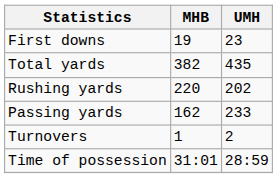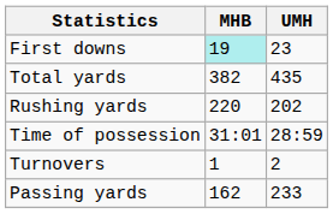 <table class="wikitable" style="float: left;">
 <tr>
 <th>Statistics</th>
 <th>MHB</th>
 <th>UMH</th>
 </tr>
 <tr>
 <td>First downs</td>
-<td>19</td>
+<td style="background: paleturquoise;">19</td>
 <td>23</td>
 </tr>
 <tr>
 <td>Total yards</td>
 <td>382</td>
 <td>435</td>
 </tr>
 <tr>
 <td>Rushing yards</td>
 <td>220</td>
 <td>202</td>
 </tr>
 <tr>
-<td>Passing yards</td>
-<td>162</td>
-<td>233</td>
+<td>Time of possession</td>
+<td>31:01</td>
+<td>28:59</td>
 </tr>
 <tr>
 <td>Turnovers</td>
 <td>1</td>
 <td>2</td>
 </tr>
 <tr>
-<td>Time of possession</td>
-<td>31:01</td>
-<td>28:59</td>
+<td>Passing yards</td>
+<td>162</td>
+<td>233</td>
 </tr>
 <tr>
 </tr>
 </table>
